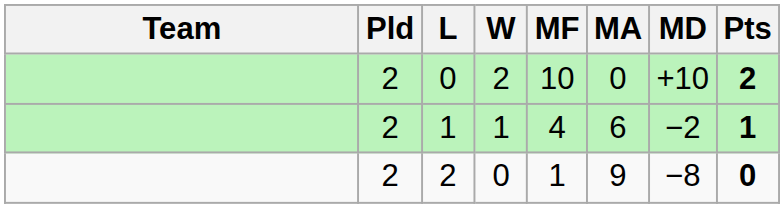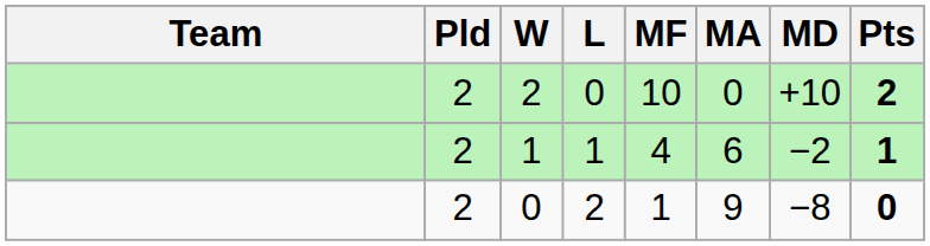 <table class="wikitable" style="text-align:center">
 <tr>
 <th width="175">Team</th>
 <th width="20">Pld</th>
+<th width="20">W</th>
 <th width="20">L</th>
-<th width="20">W</th>
 <th width="20">MF</th>
 <th width="20">MA</th>
 <th width="20">MD</th>
 <th width="20">Pts</th>
 </tr>
 <tr bgcolor="bbf3bb">
 <td align="left"></td>
 <td>2</td>
+<td>2</td>
 <td>0</td>
-<td>2</td>
 <td>10</td>
 <td>0</td>
 <td>+10</td>
 <td><strong>2</strong></td>
 </tr>
 <tr bgcolor="bbf3bb">
 <td align="left"></td>
 <td>2</td>
 <td>1</td>
 <td>1</td>
 <td>4</td>
 <td>6</td>
 <td>−2</td>
 <td><strong>1</strong></td>
 </tr>
 <tr>
 <td align="left"></td>
 <td>2</td>
+<td>0</td>
 <td>2</td>
-<td>0</td>
 <td>1</td>
 <td>9</td>
 <td>−8</td>
 <td><strong>0</strong></td>
 </tr>
 </table>
